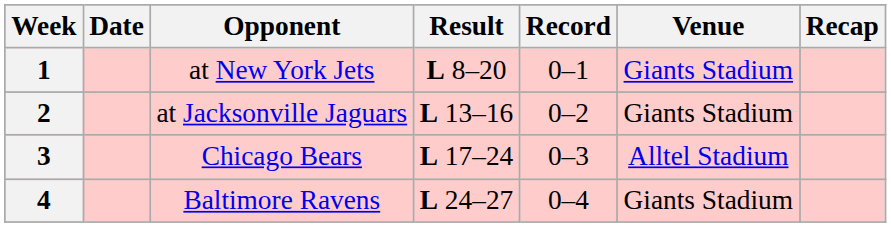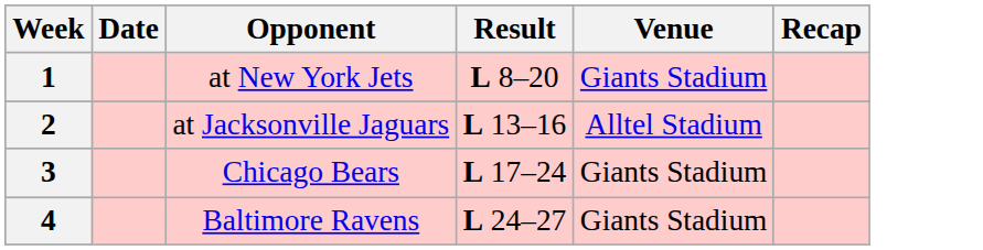 <table class="wikitable" style="text-align:center">
 <tr>
 <th>Week</th>
 <th>Date</th>
 <th>Opponent</th>
 <th>Result</th>
-<th>Record</th>
 <th>Venue</th>
 <th>Recap</th>
 </tr>
 <tr style="background: #fcc;">
 <th>1</th>
 <td></td>
 <td>at <a href='#'>New York Jets</a></td>
 <td><strong>L</strong> 8–20</td>
-<td>0–1</td>
 <td><a href='#'>Giants Stadium</a></td>
 <td></td>
 </tr>
 <tr style="background: #fcc;">
 <th>2</th>
 <td></td>
 <td>at <a href='#'>Jacksonville Jaguars</a></td>
 <td><strong>L</strong> 13–16</td>
-<td>0–2</td>
-<td>Giants Stadium</td>
+<td><a href='#'>Alltel Stadium</a></td>
 <td></td>
 </tr>
 <tr style="background: #fcc;">
 <th>3</th>
 <td></td>
 <td><a href='#'>Chicago Bears</a></td>
 <td><strong>L</strong> 17–24</td>
-<td>0–3</td>
-<td><a href='#'>Alltel Stadium</a></td>
+<td>Giants Stadium</td>
 <td></td>
 </tr>
 <tr style="background: #fcc;">
 <th>4</th>
 <td></td>
 <td><a href='#'>Baltimore Ravens</a></td>
 <td><strong>L</strong> 24–27</td>
-<td>0–4</td>
 <td>Giants Stadium</td>
 <td></td>
 </tr>
 </table>
